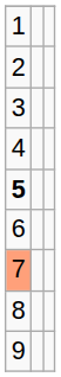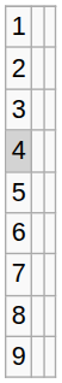 <table class="wikitable" style="display: inline-table;">
 <tr align="center">
 </tr>
 <tr align="center">
 <td>1</td>
 <td></td>
 <td></td>
 </tr>
 <tr align="center">
 <td>2</td>
 <td></td>
 <td></td>
 </tr>
 <tr align="center">
 <td>3</td>
 <td></td>
 <td></td>
 </tr>
 <tr align="center">
-<td>4</td>
+<td style="background: lightgrey;">4</td>
 <td></td>
 <td></td>
 </tr>
 <tr align="center">
-<td><strong>5</strong></td>
+<td>5</td>
 <td></td>
 <td></td>
 </tr>
 <tr align="center">
 <td>6</td>
 <td></td>
 <td></td>
 </tr>
 <tr align="center">
-<td style="background: lightsalmon;">7</td>
+<td>7</td>
 <td></td>
 <td></td>
 </tr>
 <tr align="center">
 <td>8</td>
 <td></td>
 <td></td>
 </tr>
 <tr align="center">
 <td>9</td>
 <td></td>
 <td></td>
 </tr>
 </table>
